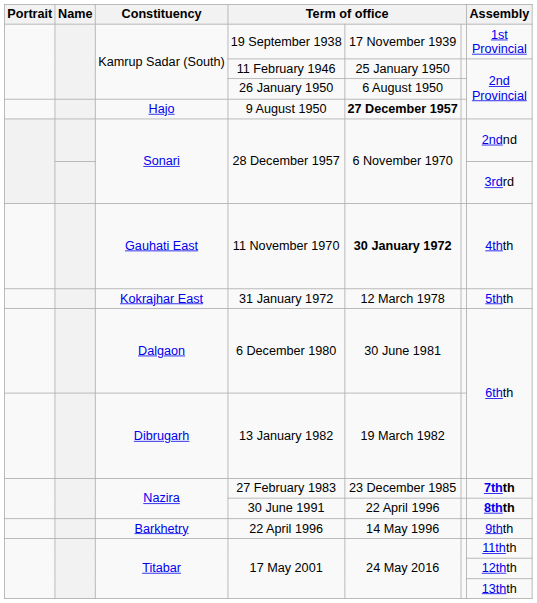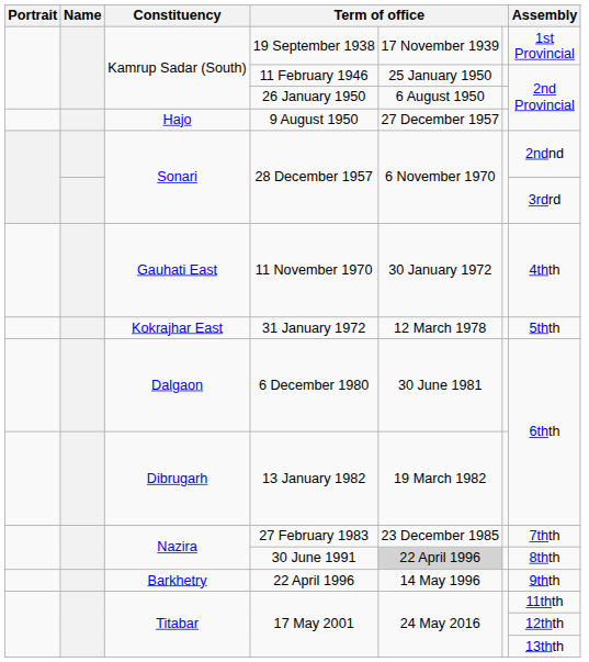 <table class="wikitable sortable" style="text-align:center">
 <tr>
 <th class="unsortable" scope="col">Portrait</th>
 <th scope="col">Name</th>
 <th scope="col">Constituency</th>
 <th colspan=3 scope="colgroup">Term of office</th>
 <th scope="col">Assembly</th>
 </tr>
 <tr align=center>
 <td rowspan="3"></td>
 <th scope="row" rowspan="3"></th>
 <td rowspan="3">Kamrup Sadar (South)</td>
 <td>19 September 1938</td>
 <td>17 November 1939</td>
 <td></td>
 <td><a href='#'>1st<br> Provincial</a></td>
 </tr>
 <tr align=center>
 <td>11 February 1946</td>
 <td>25 January 1950</td>
 <td></td>
 <td rowspan="3"><a href='#'>2nd <br>Provincial</a></td>
 </tr>
 <tr align=center>
 <td>26 January 1950</td>
 <td>6 August 1950</td>
 <td></td>
 </tr>
 <tr align=center>
 <td></td>
 <th scope="row"></th>
 <td><a href='#'>Hajo</a></td>
 <td>9 August 1950</td>
-<td><strong>27 December 1957</strong></td>
+<td>27 December 1957</td>
 <td></td>
 </tr>
 <tr align=center>
 <th rowspan="2" align="center" height="100px"></th>
 <th scope="row"></th>
 <td rowspan="2"><a href='#'>Sonari</a></td>
 <td rowspan="2">28 December 1957</td>
 <td rowspan="2">6 November 1970</td>
 <td rowspan="2"></td>
 <td><a href='#'>2nd</a>nd</td>
 </tr>
 <tr>
 <th></th>
 <td><a href='#'>3rd</a>rd</td>
 </tr>
 <tr align=center>
 <td align="center" height="100px"></td>
 <th scope="row"></th>
 <td><a href='#'>Gauhati East</a></td>
 <td>11 November 1970</td>
-<td><strong>30 January 1972</strong></td>
+<td>30 January 1972</td>
 <td></td>
 <td><a href='#'>4th</a>th</td>
 </tr>
 <tr align=center>
 <td></td>
 <th scope="row"></th>
 <td><a href='#'>Kokrajhar East</a></td>
 <td>31 January 1972</td>
 <td>12 March 1978</td>
 <td></td>
 <td><a href='#'>5th</a>th</td>
 </tr>
 <tr align=center>
 <td align="center" height="100px"></td>
 <th scope="row"></th>
 <td><a href='#'>Dalgaon</a></td>
 <td>6 December 1980</td>
 <td>30 June 1981</td>
 <td></td>
 <td rowspan="2"><a href='#'>6th</a>th</td>
 </tr>
 <tr align=center>
 <td align="center" height="100px"></td>
 <th scope="row"></th>
 <td><a href='#'>Dibrugarh</a></td>
 <td>13 January 1982</td>
 <td>19 March 1982</td>
 <td></td>
 </tr>
 <tr align=center>
 <td rowspan="2"></td>
 <th scope="row" rowspan="2"></th>
 <td rowspan="2"><a href='#'>Nazira</a></td>
 <td>27 February 1983</td>
 <td>23 December 1985</td>
 <td></td>
-<td><strong><a href='#'>7th</a>th</strong></td>
+<td><a href='#'>7th</a>th</td>
 </tr>
 <tr align=center>
 <td>30 June 1991</td>
-<td>22 April 1996</td>
+<td style="background: lightgrey;">22 April 1996</td>
 <td></td>
-<td><strong><a href='#'>8th</a>th</strong></td>
+<td><a href='#'>8th</a>th</td>
 </tr>
 <tr align=center>
 <td></td>
 <th scope="row"></th>
 <td><a href='#'>Barkhetry</a></td>
 <td>22 April 1996</td>
 <td>14 May 1996</td>
 <td></td>
 <td><a href='#'>9th</a>th</td>
 </tr>
 <tr align=center>
 <td rowspan="3"></td>
 <th scope="row" rowspan="3"></th>
 <td rowspan="3"><a href='#'>Titabar</a></td>
 <td rowspan="3">17 May 2001</td>
 <td rowspan="3">24 May 2016</td>
 <td rowspan="3"></td>
 <td><a href='#'>11th</a>th</td>
 </tr>
 <tr>
 <td><a href='#'>12th</a>th</td>
 </tr>
 <tr>
 <td><a href='#'>13th</a>th</td>
 </tr>
 </table>
